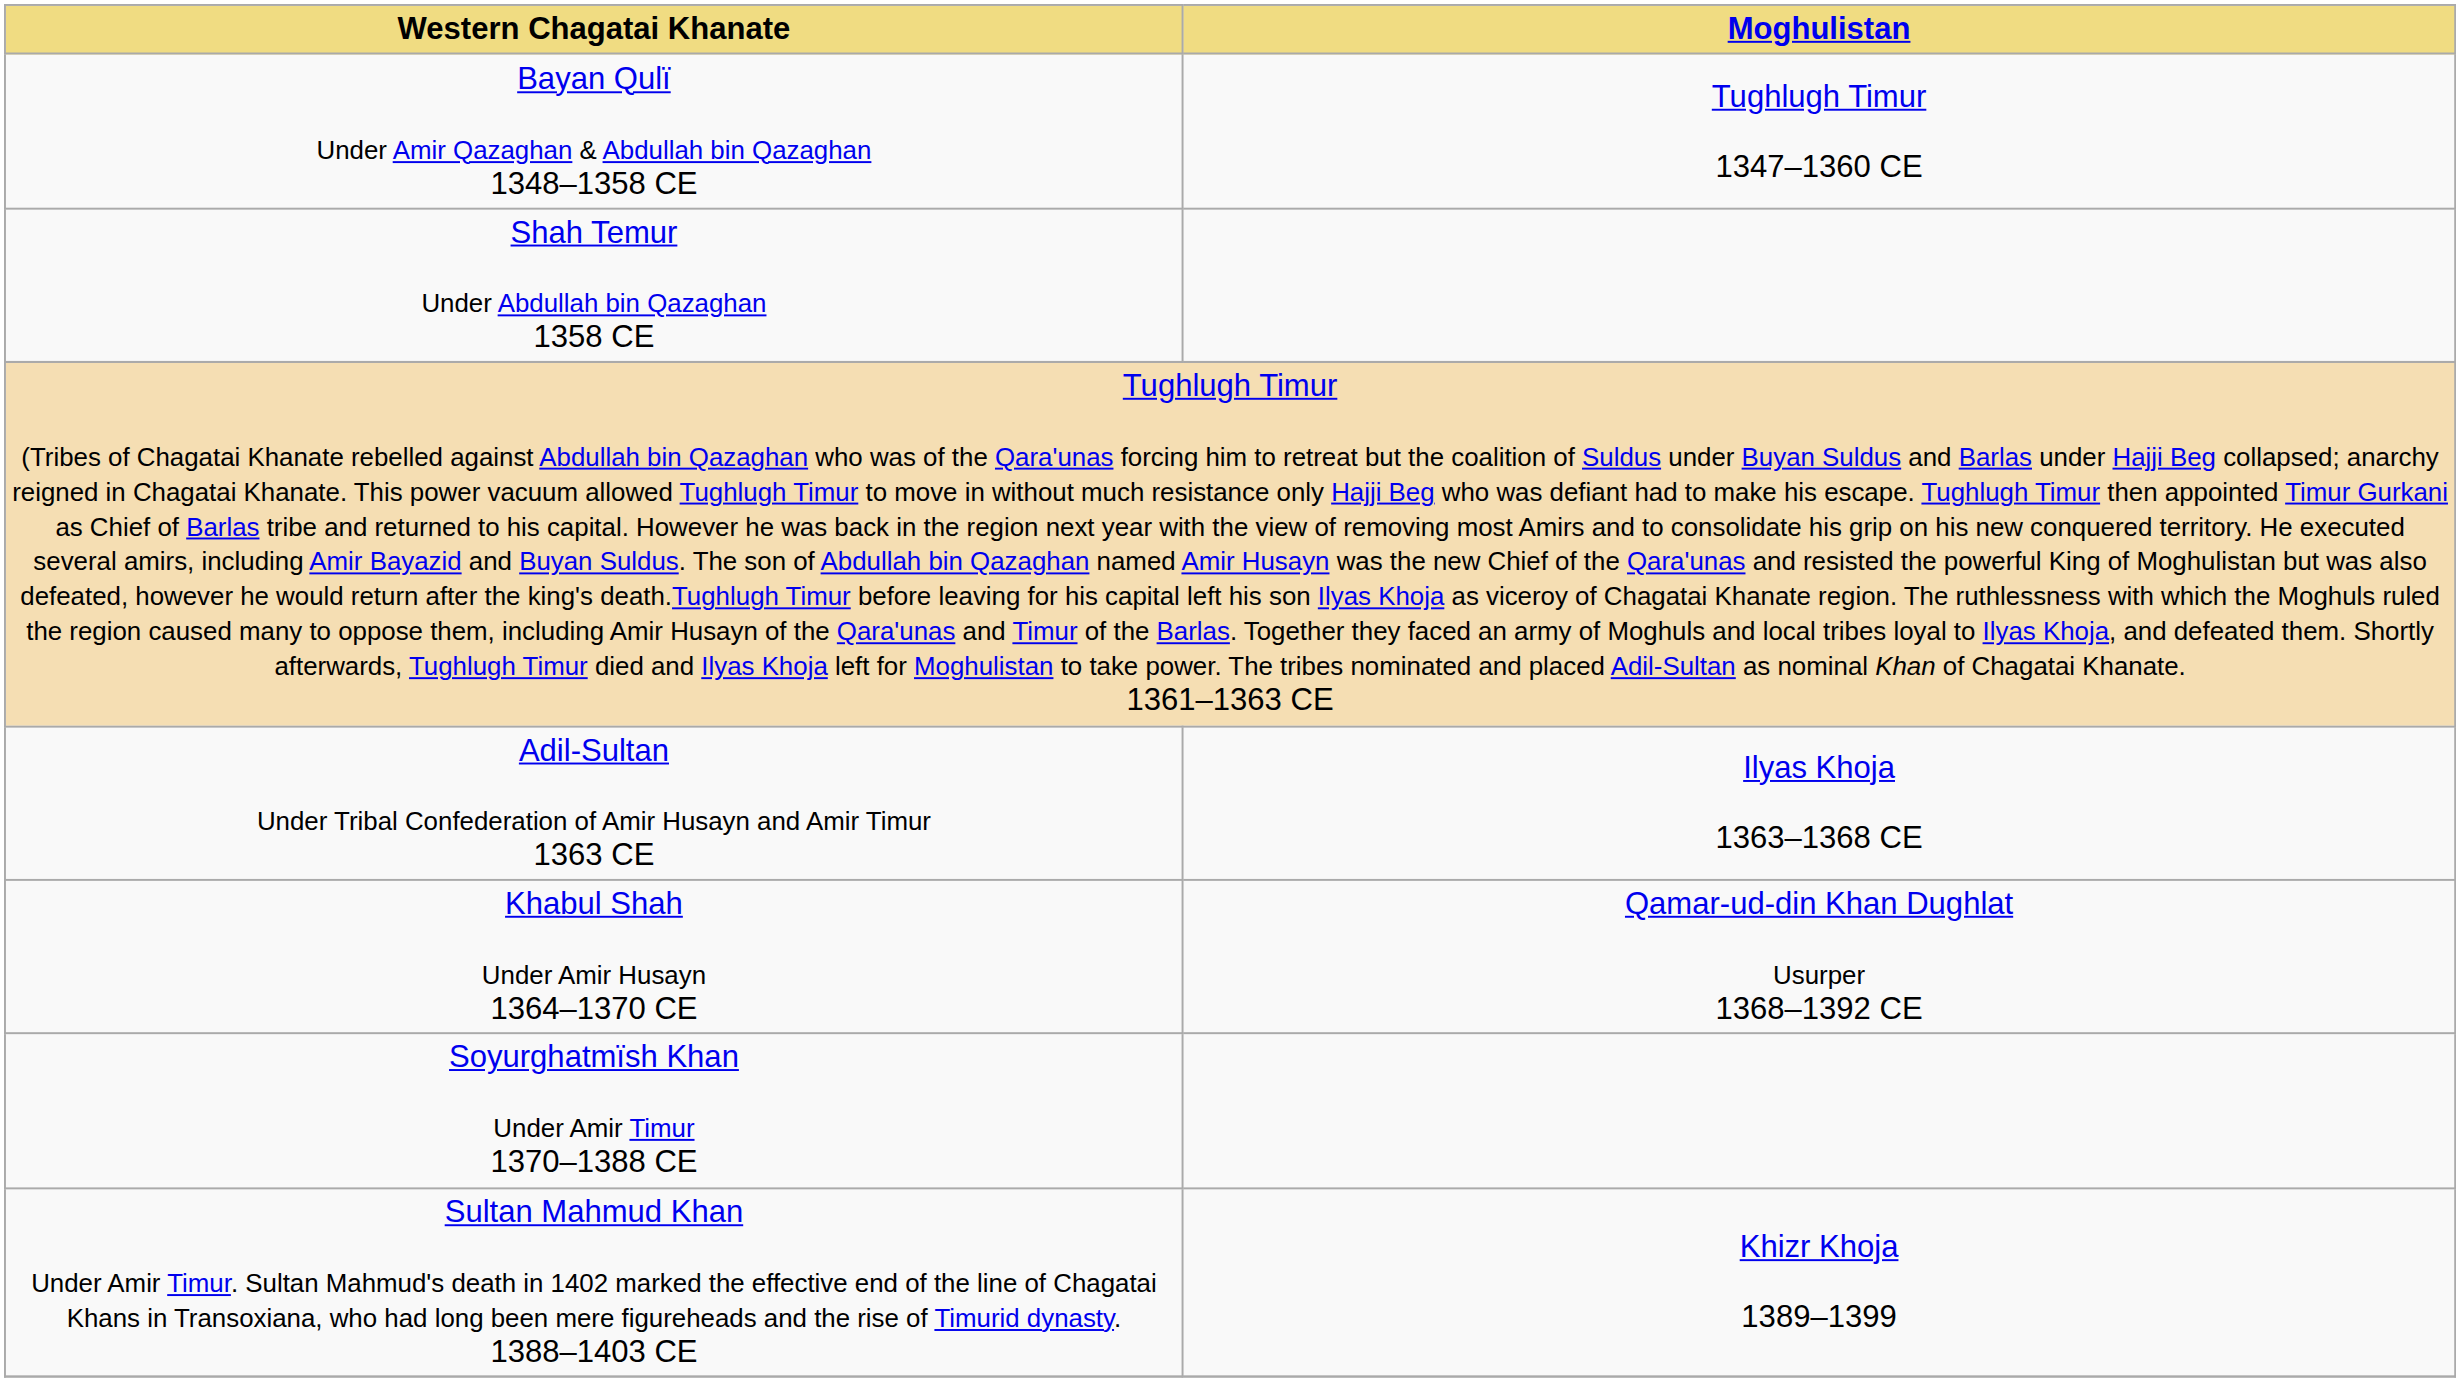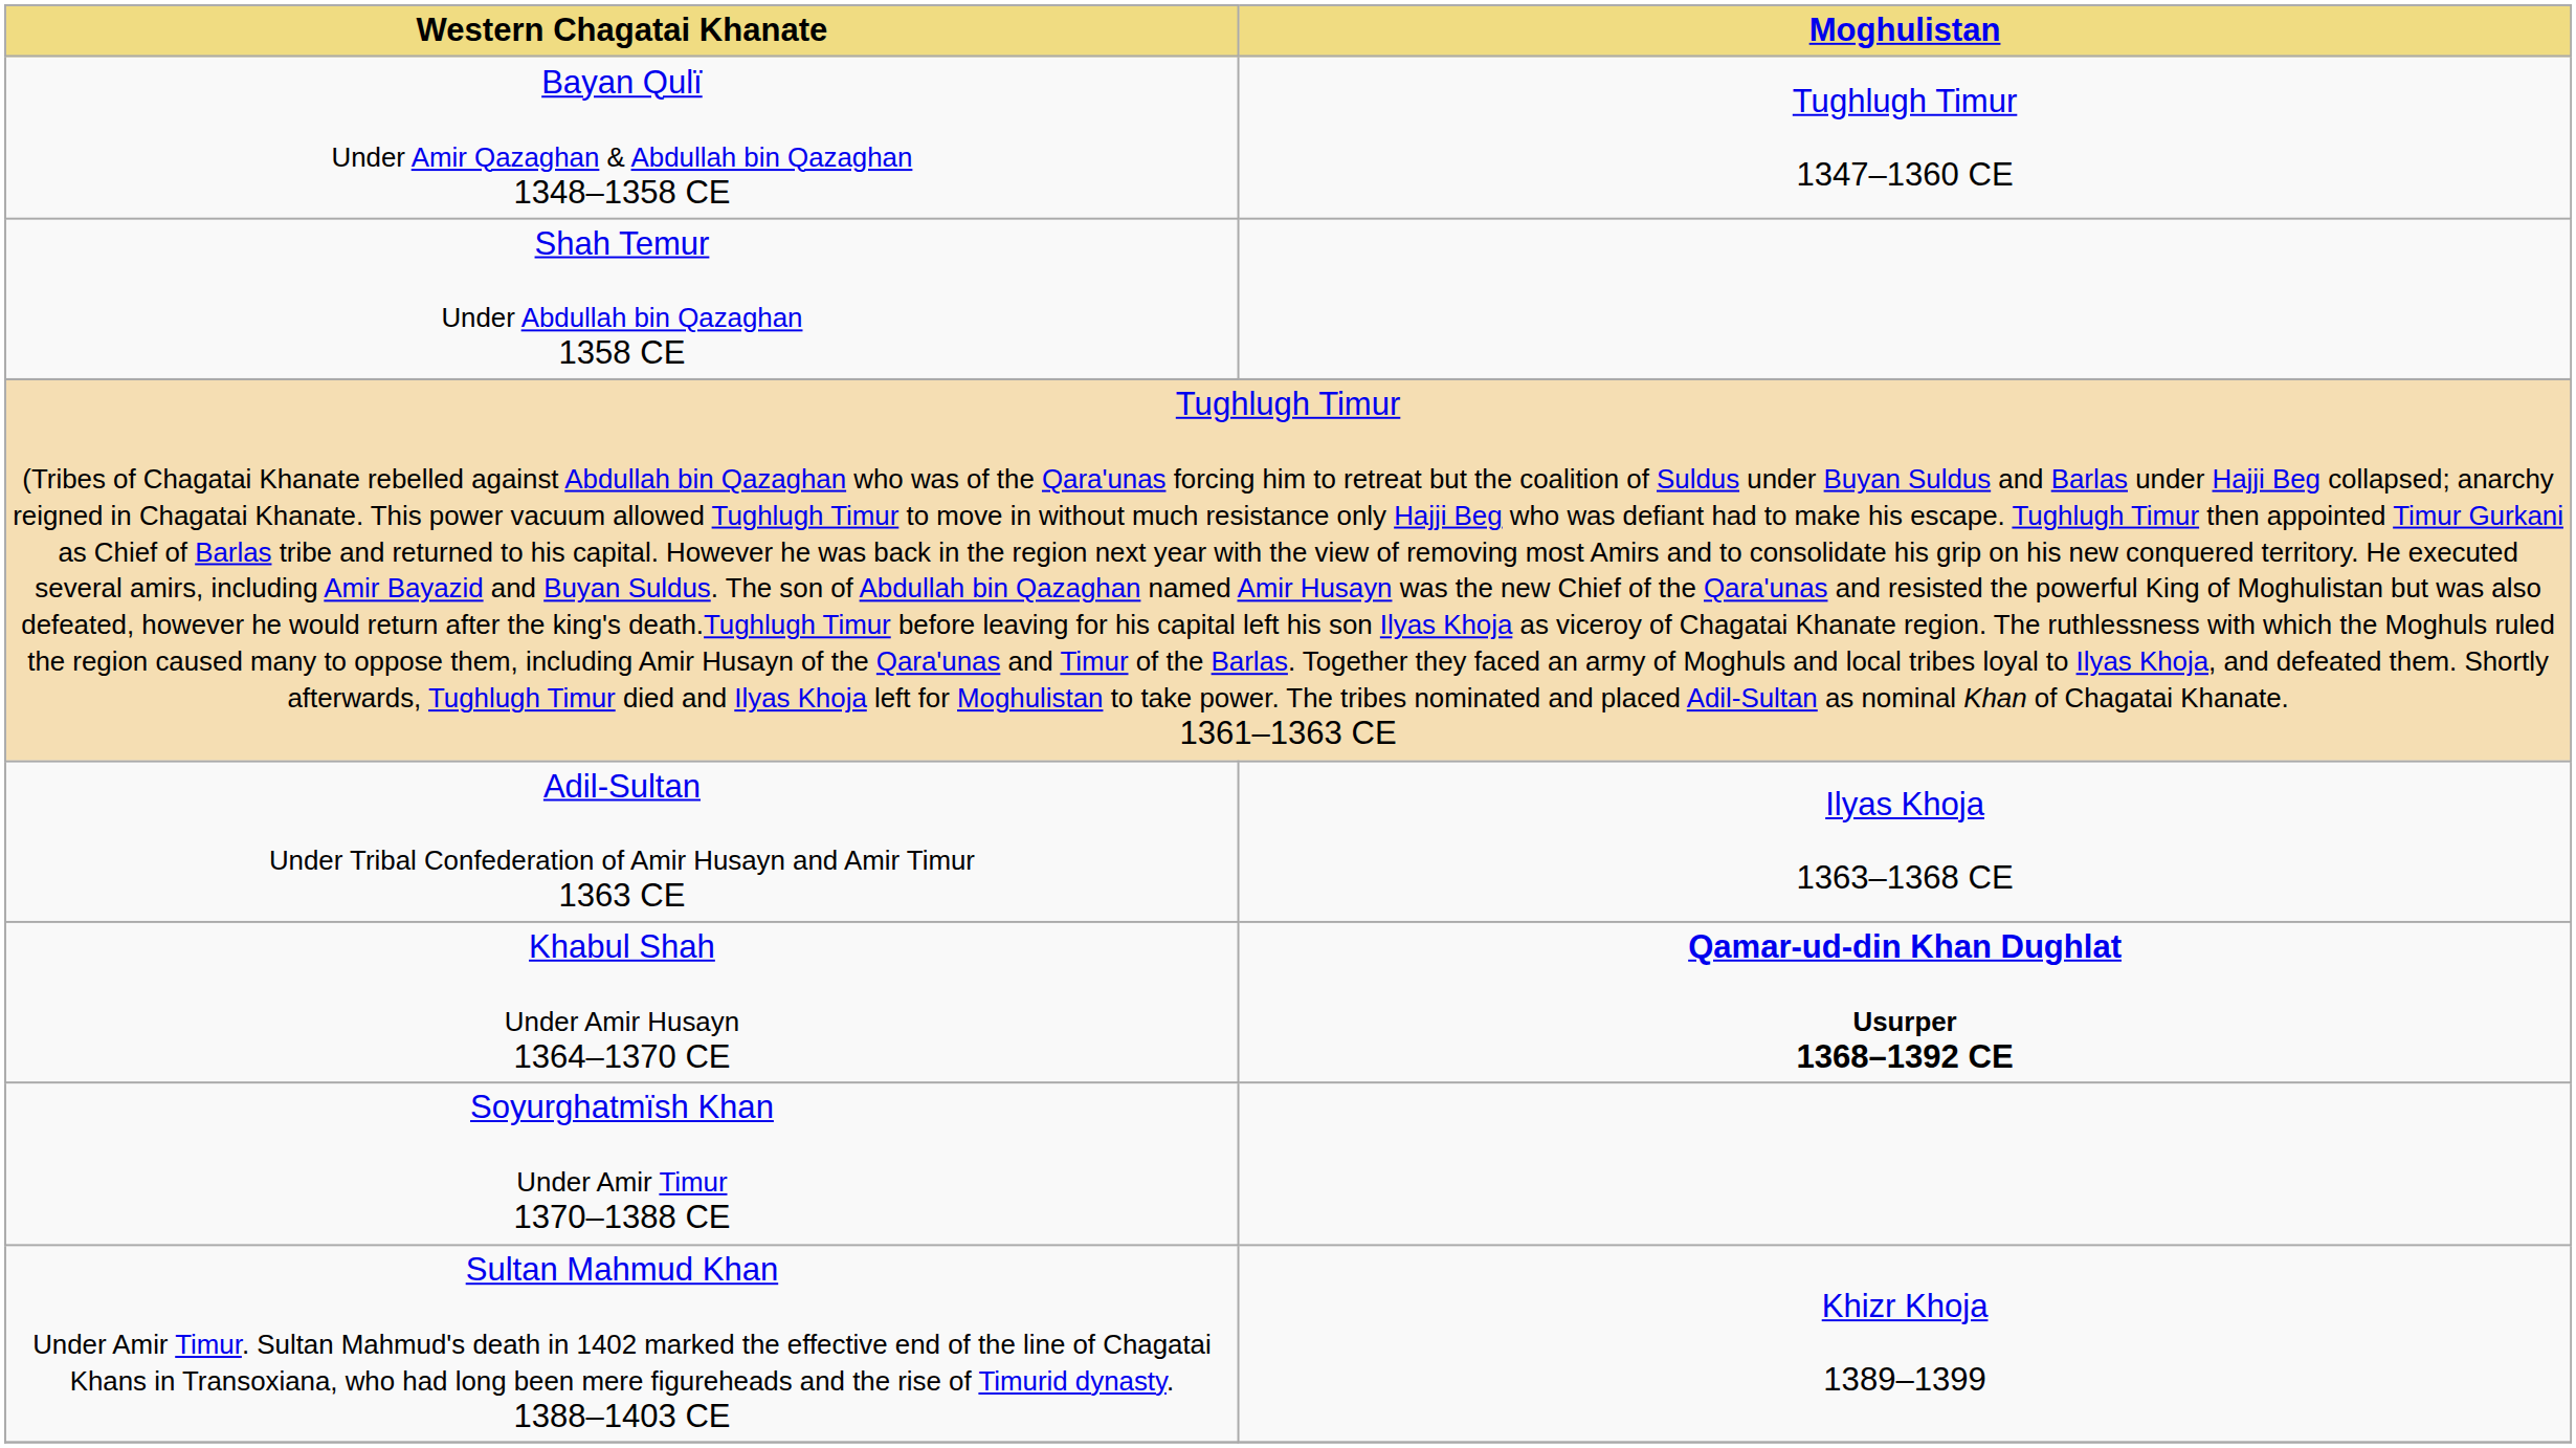 <table width=100% class="wikitable">
 <tr>
 <th style="background-color:#F0DC82" width=25%>Western Chagatai Khanate</th>
 <th style="background-color:#F0DC82" width=27%><a href='#'>Moghulistan</a></th>
 </tr>
 <tr>
 <td align="center"><a href='#'>Bayan Qulï</a><br> <small> </small><br><small>Under <a href='#'>Amir Qazaghan</a> & <a href='#'>Abdullah bin Qazaghan</a></small><br>1348–1358 CE</td>
 <td align="center"><a href='#'>Tughlugh Timur</a><br><small> </small><br>1347–1360 CE</td>
 </tr>
 <tr>
 <td align="center"><a href='#'>Shah Temur</a><br> <small> </small><br><small>Under <a href='#'>Abdullah bin Qazaghan</a></small><br>1358 CE</td>
 <td align="center"></td>
 </tr>
 <tr>
 </tr>
 <tr bgcolor="#F5DEB3">
 <td colspan=5 align="center"><a href='#'>Tughlugh Timur</a><br><small> </small><br> <small>(Tribes of Chagatai Khanate rebelled against <a href='#'>Abdullah bin Qazaghan</a> who was of the <a href='#'>Qara'unas</a> forcing him to retreat but the coalition of <a href='#'>Suldus</a> under <a href='#'>Buyan Suldus</a> and <a href='#'>Barlas</a> under <a href='#'>Hajji Beg</a> collapsed; anarchy reigned in Chagatai Khanate. This power vacuum allowed <a href='#'>Tughlugh Timur</a> to move in without much resistance only <a href='#'>Hajji Beg</a> who was defiant had to make his escape. <a href='#'>Tughlugh Timur</a> then appointed <a href='#'>Timur Gurkani</a> as Chief of <a href='#'>Barlas</a> tribe and returned to his capital. However he was back in the region next year with the view of removing most Amirs and to consolidate his grip on his new conquered territory. He executed several amirs, including <a href='#'>Amir Bayazid</a> and <a href='#'>Buyan Suldus</a>. The son of <a href='#'>Abdullah bin Qazaghan</a> named <a href='#'>Amir Husayn</a> was the new Chief of the <a href='#'>Qara'unas</a> and resisted the powerful King of Moghulistan but was also defeated, however he would return after the king's death.<a href='#'>Tughlugh Timur</a> before leaving for his capital left his son <a href='#'>Ilyas Khoja</a> as viceroy of Chagatai Khanate region. The ruthlessness with which the Moghuls ruled the region caused many to oppose them, including Amir Husayn of the <a href='#'>Qara'unas</a> and <a href='#'>Timur</a> of the <a href='#'>Barlas</a>. Together they faced an army of Moghuls and local tribes loyal to <a href='#'>Ilyas Khoja</a>, and defeated them. Shortly afterwards, <a href='#'>Tughlugh Timur</a> died and <a href='#'>Ilyas Khoja</a> left for <a href='#'>Moghulistan</a> to take power. The tribes nominated and placed <a href='#'>Adil-Sultan</a> as nominal <em>Khan</em> of Chagatai Khanate.</small> <br>1361–1363 CE</td>
 </tr>
 <tr>
 <td align="center"><a href='#'>Adil-Sultan</a><br> <small> </small><br><small>Under Tribal Confederation of Amir Husayn and Amir Timur</small><br>1363 CE</td>
 <td align="center"><a href='#'>Ilyas Khoja</a><br> <small> </small><br>1363–1368 CE</td>
 </tr>
 <tr>
 <td align="center"><a href='#'>Khabul Shah</a><br> <small> </small><br><small>Under Amir Husayn</small><br>1364–1370 CE</td>
-<td align="center"><a href='#'>Qamar-ud-din Khan Dughlat</a> <br><small> </small><br><small>Usurper</small><br>1368–1392 CE</td>
+<td align="center"><strong><a href='#'>Qamar-ud-din Khan Dughlat</a> <br><small> </small><br><small>Usurper</small><br>1368–1392 CE</strong></td>
 </tr>
 <tr>
 <td align="center"><a href='#'>Soyurghatmïsh Khan</a><br> <small> </small><br><small>Under Amir <a href='#'>Timur</a></small><br>1370–1388 CE</td>
 <td align="center"></td>
 </tr>
 <tr>
 <td align="center"><a href='#'>Sultan Mahmud Khan</a><br> <small> </small><br><small>Under Amir <a href='#'>Timur</a>. Sultan Mahmud's death in 1402 marked the effective end of the line of Chagatai Khans in Transoxiana, who had long been mere figureheads and the rise of <a href='#'>Timurid dynasty</a>. </small><br>1388–1403 CE</td>
 <td align="center"><a href='#'>Khizr Khoja</a><br> <small> </small> <br>1389–1399</td>
 </tr>
 <tr>
 </tr>
 </table>
